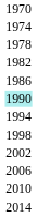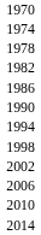 <table>
 <tr>
 <td rowspan=2>1970</td>
 <td rowspan=2></td>
 <td rowspan=2></td>
 <td></td>
 </tr>
 <tr>
 <td></td>
 </tr>
 <tr>
 <td rowspan=2>1974</td>
 <td rowspan=2></td>
 <td rowspan=2></td>
 <td></td>
 </tr>
 <tr>
 <td></td>
 </tr>
 <tr>
 <td rowspan=2>1978</td>
 <td rowspan=2></td>
 <td rowspan=2></td>
 <td></td>
 </tr>
 <tr>
 <td></td>
 </tr>
 <tr>
 <td rowspan=2>1982</td>
 <td rowspan=2></td>
 <td rowspan=2></td>
 <td></td>
 </tr>
 <tr>
 <td></td>
 </tr>
 <tr>
 <td>1986</td>
 <td></td>
 <td></td>
 <td><br></td>
 </tr>
 <tr>
-<td style="background: paleturquoise;">1990</td>
+<td>1990</td>
 <td></td>
 <td></td>
 <td><br></td>
 </tr>
 <tr>
 <td>1994</td>
 <td></td>
 <td></td>
 <td><br></td>
 </tr>
 <tr>
 <td>1998</td>
 <td></td>
 <td></td>
 <td><br></td>
 </tr>
 <tr>
 <td rowspan=2>2002</td>
 <td rowspan=2></td>
 <td rowspan=2></td>
 <td></td>
 </tr>
 <tr>
 <td></td>
 </tr>
 <tr>
 <td rowspan=2>2006</td>
 <td rowspan=2></td>
 <td rowspan=2></td>
 <td></td>
 </tr>
 <tr>
 <td></td>
 </tr>
 <tr>
 <td rowspan=2>2010<br></td>
 <td rowspan=2></td>
 <td rowspan=2></td>
 <td></td>
 </tr>
 <tr>
 <td></td>
 </tr>
 <tr>
 <td rowspan=2>2014<br></td>
 <td rowspan=2></td>
 <td rowspan=2></td>
 <td></td>
 </tr>
 <tr>
 <td></td>
 </tr>
 </table>
